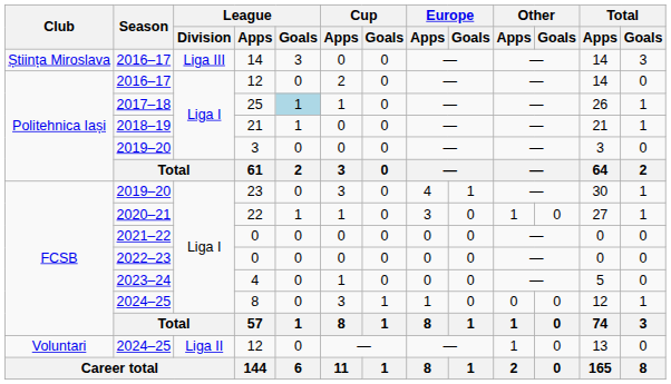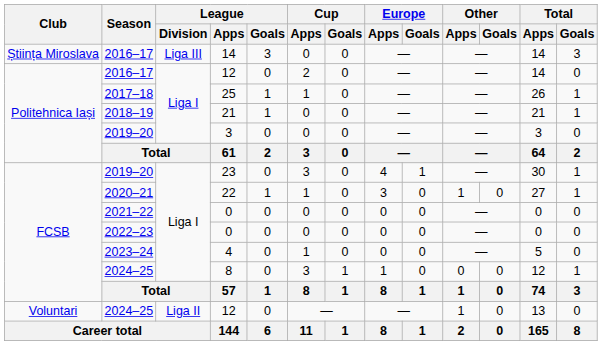 <table class="wikitable" style="text-align:center">
 <tr>
 <th rowspan="2">Club</th>
 <th rowspan="2">Season</th>
 <th colspan="3">League</th>
 <th colspan="2">Cup</th>
 <th colspan="2"><a href='#'>Europe</a></th>
 <th colspan="2">Other</th>
 <th colspan="3">Total</th>
 </tr>
 <tr>
 <th>Division</th>
 <th>Apps</th>
 <th>Goals</th>
 <th>Apps</th>
 <th>Goals</th>
 <th>Apps</th>
 <th>Goals</th>
 <th>Apps</th>
 <th>Goals</th>
 <th>Apps</th>
 <th>Goals</th>
 </tr>
 <tr>
 <td valign="center"><a href='#'>Știința Miroslava</a></td>
 <td><a href='#'>2016–17</a></td>
 <td><a href='#'>Liga III</a></td>
 <td>14</td>
 <td>3</td>
 <td>0</td>
 <td>0</td>
 <td colspan="2">—</td>
 <td colspan="2">—</td>
 <td>14</td>
 <td>3</td>
 </tr>
 <tr>
 <td rowspan="5"><a href='#'>Politehnica Iași</a></td>
 <td><a href='#'>2016–17</a></td>
 <td rowspan="4"><a href='#'>Liga I</a></td>
 <td>12</td>
 <td>0</td>
 <td>2</td>
 <td>0</td>
 <td rowspan=1 colspan="2">—</td>
 <td rowspan=1 colspan="2">—</td>
 <td>14</td>
 <td>0</td>
 </tr>
 <tr>
 <td><a href='#'>2017–18</a></td>
 <td>25</td>
-<td style="background: lightblue;">1</td>
+<td>1</td>
 <td>1</td>
 <td>0</td>
 <td rowspan=1 colspan="2">—</td>
 <td rowspan=1 colspan="2">—</td>
 <td>26</td>
 <td>1</td>
 </tr>
 <tr>
 <td><a href='#'>2018–19</a></td>
 <td>21</td>
 <td>1</td>
 <td>0</td>
 <td>0</td>
 <td rowspan=1 colspan="2">—</td>
 <td rowspan=1 colspan="2">—</td>
 <td>21</td>
 <td>1</td>
 </tr>
 <tr>
 <td><a href='#'>2019–20</a></td>
 <td>3</td>
 <td>0</td>
 <td>0</td>
 <td>0</td>
 <td rowspan=1 colspan="2">—</td>
 <td rowspan=1 colspan="2">—</td>
 <td>3</td>
 <td>0</td>
 </tr>
 <tr>
 <th colspan="2">Total</th>
 <th>61</th>
 <th>2</th>
 <th>3</th>
 <th>0</th>
 <th rowspan=1 colspan="2">—</th>
 <th rowspan=1 colspan="2">—</th>
 <th>64</th>
 <th>2</th>
 </tr>
 <tr>
 <td rowspan="7"><a href='#'>FCSB</a></td>
 <td><a href='#'>2019–20</a></td>
 <td rowspan="6">Liga I</td>
 <td>23</td>
 <td>0</td>
 <td>3</td>
 <td>0</td>
 <td>4</td>
 <td>1</td>
 <td colspan="2">—</td>
 <td>30</td>
 <td>1</td>
 </tr>
 <tr>
 <td><a href='#'>2020–21</a></td>
 <td>22</td>
 <td>1</td>
 <td>1</td>
 <td>0</td>
 <td>3</td>
 <td>0</td>
 <td>1</td>
 <td>0</td>
 <td>27</td>
 <td>1</td>
 </tr>
 <tr>
 <td><a href='#'>2021–22</a></td>
 <td>0</td>
 <td>0</td>
 <td>0</td>
 <td>0</td>
 <td>0</td>
 <td>0</td>
 <td colspan="2">—</td>
 <td>0</td>
 <td>0</td>
 </tr>
 <tr>
 <td><a href='#'>2022–23</a></td>
 <td>0</td>
 <td>0</td>
 <td>0</td>
 <td>0</td>
 <td>0</td>
 <td>0</td>
 <td colspan="2">—</td>
 <td>0</td>
 <td>0</td>
 </tr>
 <tr>
 <td><a href='#'>2023–24</a></td>
 <td>4</td>
 <td>0</td>
 <td>1</td>
 <td>0</td>
 <td>0</td>
 <td>0</td>
 <td colspan="2">—</td>
 <td>5</td>
 <td>0</td>
 </tr>
 <tr>
 <td><a href='#'>2024–25</a></td>
 <td>8</td>
 <td>0</td>
 <td>3</td>
 <td>1</td>
 <td>1</td>
 <td>0</td>
 <td>0</td>
 <td>0</td>
 <td>12</td>
 <td>1</td>
 </tr>
 <tr>
 <th colspan="2">Total</th>
 <th>57</th>
 <th>1</th>
 <th>8</th>
 <th>1</th>
 <th>8</th>
 <th>1</th>
 <th>1</th>
 <th>0</th>
 <th>74</th>
 <th>3</th>
 </tr>
 <tr>
 <td valign="center"><a href='#'>Voluntari</a></td>
 <td><a href='#'>2024–25</a></td>
 <td><a href='#'>Liga II</a></td>
 <td>12</td>
 <td>0</td>
 <td colspan="2">—</td>
 <td colspan="2">—</td>
 <td>1</td>
 <td>0</td>
 <td>13</td>
 <td>0</td>
 </tr>
 <tr>
 <th colspan="3">Career total</th>
 <th>144</th>
 <th>6</th>
 <th>11</th>
 <th>1</th>
 <th>8</th>
 <th>1</th>
 <th>2</th>
 <th>0</th>
 <th>165</th>
 <th>8</th>
 </tr>
 </table>
